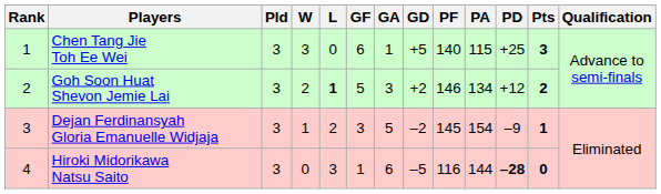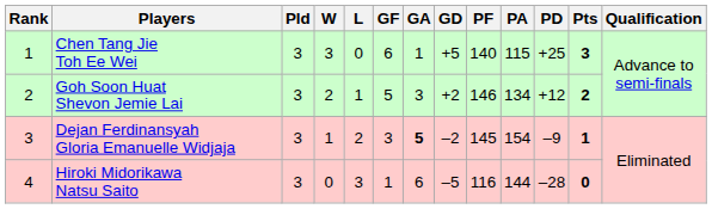 <table class="wikitable" style="font-size:90%; text-align:center">
 <tr>
 <th width="20">Rank</th>
 <th width="200">Players</th>
 <th width="20">Pld</th>
 <th width="20">W</th>
 <th width="20">L</th>
 <th width="20">GF</th>
 <th width="20">GA</th>
 <th width="20">GD</th>
 <th width="20">PF</th>
 <th width="20">PA</th>
 <th width="20">PD</th>
 <th width="20">Pts</th>
 <th width="20">Qualification</th>
 </tr>
 <tr style="background:#ccffcc">
 <td>1</td>
 <td style="text-align:left"> <a href='#'>Chen Tang Jie</a><br> <a href='#'>Toh Ee Wei</a></td>
 <td>3</td>
 <td>3</td>
 <td>0</td>
 <td>6</td>
 <td>1</td>
 <td>+5</td>
 <td>140</td>
 <td>115</td>
 <td>+25</td>
 <td><strong>3</strong></td>
 <td rowspan="2">Advance to <a href='#'>semi-finals</a></td>
 </tr>
 <tr style="background:#ccffcc">
 <td>2</td>
 <td style="text-align:left"> <a href='#'>Goh Soon Huat</a><br> <a href='#'>Shevon Jemie Lai</a></td>
 <td>3</td>
 <td>2</td>
-<td><strong>1</strong></td>
+<td>1</td>
 <td>5</td>
 <td>3</td>
 <td>+2</td>
 <td>146</td>
 <td>134</td>
 <td>+12</td>
 <td><strong>2</strong></td>
 </tr>
 <tr style="background:#ffcccc">
 <td>3</td>
 <td style="text-align:left"> <a href='#'>Dejan Ferdinansyah</a><br> <a href='#'>Gloria Emanuelle Widjaja</a></td>
 <td>3</td>
 <td>1</td>
 <td>2</td>
 <td>3</td>
-<td>5</td>
+<td><strong>5</strong></td>
 <td>–2</td>
 <td>145</td>
 <td>154</td>
 <td>–9</td>
 <td><strong>1</strong></td>
 <td rowspan="2">Eliminated</td>
 </tr>
 <tr style="background:#ffcccc">
 <td>4</td>
 <td style="text-align:left"> <a href='#'>Hiroki Midorikawa</a><br> <a href='#'>Natsu Saito</a></td>
 <td>3</td>
 <td>0</td>
 <td>3</td>
 <td>1</td>
 <td>6</td>
 <td>–5</td>
 <td>116</td>
 <td>144</td>
-<td><strong>–28</strong></td>
+<td>–28</td>
 <td><strong>0</strong></td>
 </tr>
 </table>
